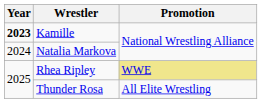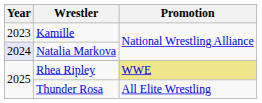 <table class="wikitable">
 <tr>
 <th>Year</th>
 <th>Wrestler</th>
 <th>Promotion</th>
 </tr>
 <tr>
-<td><strong>2023</strong></td>
+<td>2023</td>
 <td><a href='#'>Kamille</a></td>
 <td rowspan="2"><a href='#'>National Wrestling Alliance</a></td>
 </tr>
 <tr>
-<td>2024</td>
+<td style="background: lavender;">2024</td>
 <td><a href='#'>Natalia Markova</a></td>
 </tr>
 <tr>
 <td rowspan="2">2025</td>
 <td><a href='#'>Rhea Ripley</a></td>
 <td style="background: khaki;"><a href='#'>WWE</a></td>
 </tr>
 <tr>
 <td><a href='#'>Thunder Rosa</a></td>
 <td><a href='#'>All Elite Wrestling</a></td>
 </tr>
 </table>
